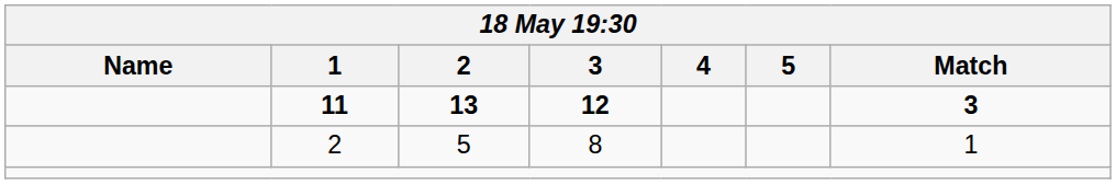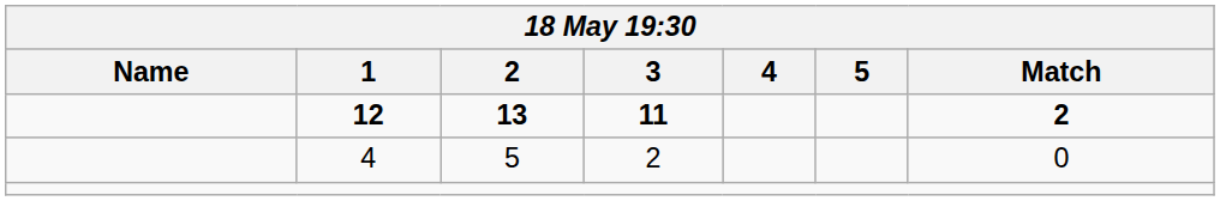 <table class=wikitable style="text-align:center; width: 55%">
 <tr>
 <th colspan=17><em>18 May 19:30</em></th>
 </tr>
 <tr>
 <th>Name</th>
 <th>1</th>
 <th>2</th>
 <th>3</th>
 <th>4</th>
 <th>5</th>
 <th>Match</th>
 </tr>
 <tr>
 <td style="text-align:left;"><strong></strong></td>
+<td><strong>12</strong></td>
+<td><strong>13</strong></td>
 <td><strong>11</strong></td>
-<td><strong>13</strong></td>
-<td><strong>12</strong></td>
 <td></td>
 <td></td>
-<td><strong>3</strong></td>
+<td><strong>2</strong></td>
 </tr>
 <tr>
 <td style="text-align:left;"></td>
+<td>4</td>
+<td>5</td>
 <td>2</td>
-<td>5</td>
-<td>8</td>
 <td></td>
 <td></td>
-<td>1</td>
+<td>0</td>
 </tr>
 <tr>
 <td colspan=17></td>
 </tr>
 </table>
